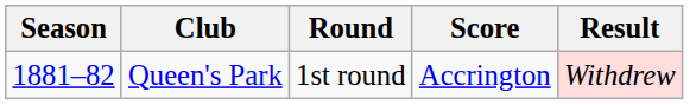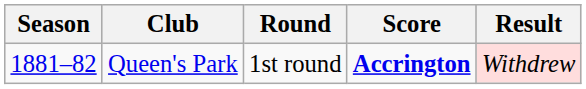 <table class=wikitable style="text-align:left">
 <tr>
 <th>Season</th>
 <th>Club</th>
 <th>Round</th>
 <th>Score</th>
 <th>Result</th>
 </tr>
 <tr>
 <td align=center rowspan=7><a href='#'>1881–82</a></td>
 <td><a href='#'>Queen's Park</a></td>
 <td>1st round</td>
-<td> <a href='#'>Accrington</a></td>
+<td><strong> <a href='#'>Accrington</a></strong></td>
 <td align=center  bgcolor=#ffdddd><em>Withdrew</em></td>
 </tr>
 </table>
